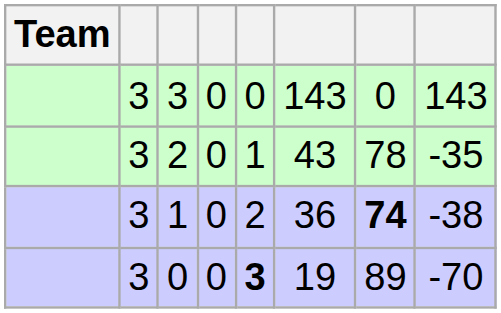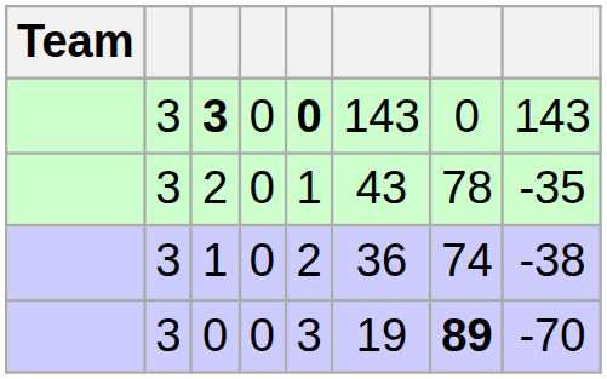 <table class="wikitable" style="text-align: center;">
 <tr>
 <th>Team</th>
 <th></th>
 <th></th>
 <th></th>
 <th></th>
 <th></th>
 <th></th>
 <th></th>
 </tr>
 <tr bgcolor="ccffcc">
 <td align="left"></td>
 <td>3</td>
-<td>3</td>
+<td><strong>3</strong></td>
 <td>0</td>
-<td>0</td>
+<td><strong>0</strong></td>
 <td>143</td>
 <td>0</td>
 <td>143</td>
 </tr>
 <tr bgcolor="ccffcc">
 <td align="left"></td>
 <td>3</td>
 <td>2</td>
 <td>0</td>
 <td>1</td>
 <td>43</td>
 <td>78</td>
 <td>-35</td>
 </tr>
 <tr bgcolor="ccccff">
 <td align="left"></td>
 <td>3</td>
 <td>1</td>
 <td>0</td>
 <td>2</td>
 <td>36</td>
-<td><strong>74</strong></td>
+<td>74</td>
 <td>-38</td>
 </tr>
 <tr bgcolor="ccccff">
 <td align="left"></td>
 <td>3</td>
 <td>0</td>
 <td>0</td>
-<td><strong>3</strong></td>
+<td>3</td>
 <td>19</td>
-<td>89</td>
+<td><strong>89</strong></td>
 <td>-70</td>
 </tr>
 </table>
